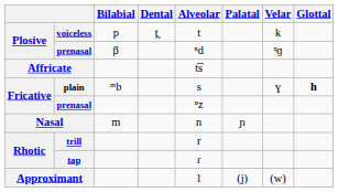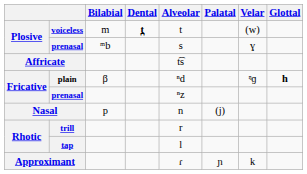 <table class="wikitable" style="text-align:center">
 <tr>
 <th colspan="2"></th>
 <th><a href='#'>Bilabial</a></th>
 <th><a href='#'>Dental</a></th>
 <th><a href='#'>Alveolar</a></th>
 <th><a href='#'>Palatal</a></th>
 <th><a href='#'>Velar</a></th>
 <th><a href='#'>Glottal</a></th>
 </tr>
 <tr align="center">
 <th rowspan="2"><a href='#'>Plosive</a></th>
 <th><small><a href='#'>voiceless</a></small></th>
-<td>p</td>
-<td>t̪</td>
+<td>m</td>
+<td><strong>t̪</strong></td>
 <td>t</td>
 <td></td>
-<td>k</td>
+<td>(w)</td>
 <td></td>
 </tr>
 <tr>
 <th><small><a href='#'>prenasal</a></small></th>
-<td>β</td>
+<td>ᵐb</td>
 <td></td>
-<td>ⁿd</td>
+<td>s</td>
 <td></td>
-<td>ᵑɡ</td>
+<td>ɣ</td>
 <td></td>
 </tr>
 <tr>
 <th colspan="2"><a href='#'>Affricate</a></th>
 <td></td>
 <td></td>
 <td>t͡s</td>
 <td></td>
 <td></td>
 <td></td>
 </tr>
 <tr align="center">
 <th rowspan="2"><a href='#'>Fricative</a></th>
 <th><small>plain</small></th>
-<td>ᵐb</td>
+<td>β</td>
 <td></td>
-<td>s</td>
+<td>ⁿd</td>
 <td></td>
-<td>ɣ</td>
+<td>ᵑɡ</td>
 <td><strong>h</strong></td>
 </tr>
 <tr>
 <th><small><a href='#'>prenasal</a></small></th>
 <td></td>
 <td></td>
 <td>ⁿz</td>
 <td></td>
 <td></td>
 <td></td>
 </tr>
 <tr align="center">
 <th colspan="2"><a href='#'>Nasal</a></th>
-<td>m</td>
+<td>p</td>
 <td></td>
 <td>n</td>
-<td>ɲ</td>
+<td>(j)</td>
 <td></td>
 <td></td>
 </tr>
 <tr>
 <th rowspan="2"><a href='#'>Rhotic</a></th>
 <th><small><a href='#'>trill</a></small></th>
 <td></td>
 <td></td>
 <td>r</td>
 <td></td>
 <td></td>
 <td></td>
 </tr>
 <tr align="center">
 <th><small><a href='#'>tap</a></small></th>
 <td></td>
 <td></td>
-<td>ɾ</td>
+<td>l</td>
 <td></td>
 <td></td>
 <td></td>
 </tr>
 <tr align="center">
 <th colspan="2"><a href='#'>Approximant</a></th>
 <td></td>
 <td></td>
-<td>l</td>
-<td>(j)</td>
-<td>(w)</td>
+<td>ɾ</td>
+<td>ɲ</td>
+<td>k</td>
 <td></td>
 </tr>
 </table>
